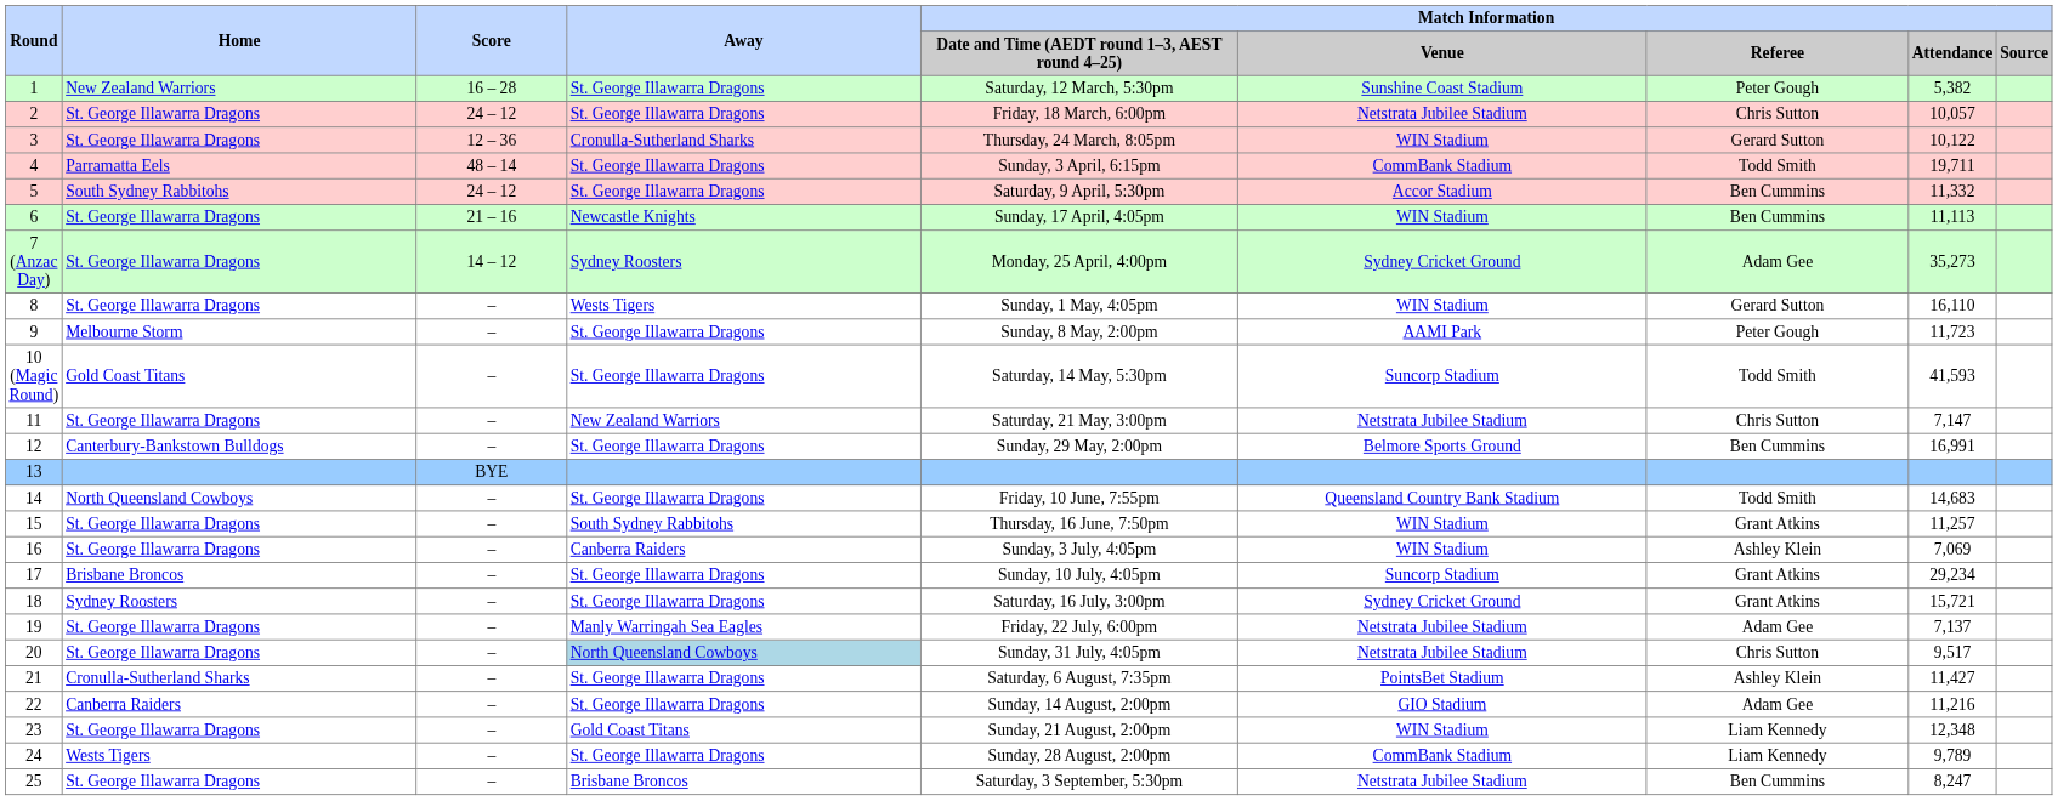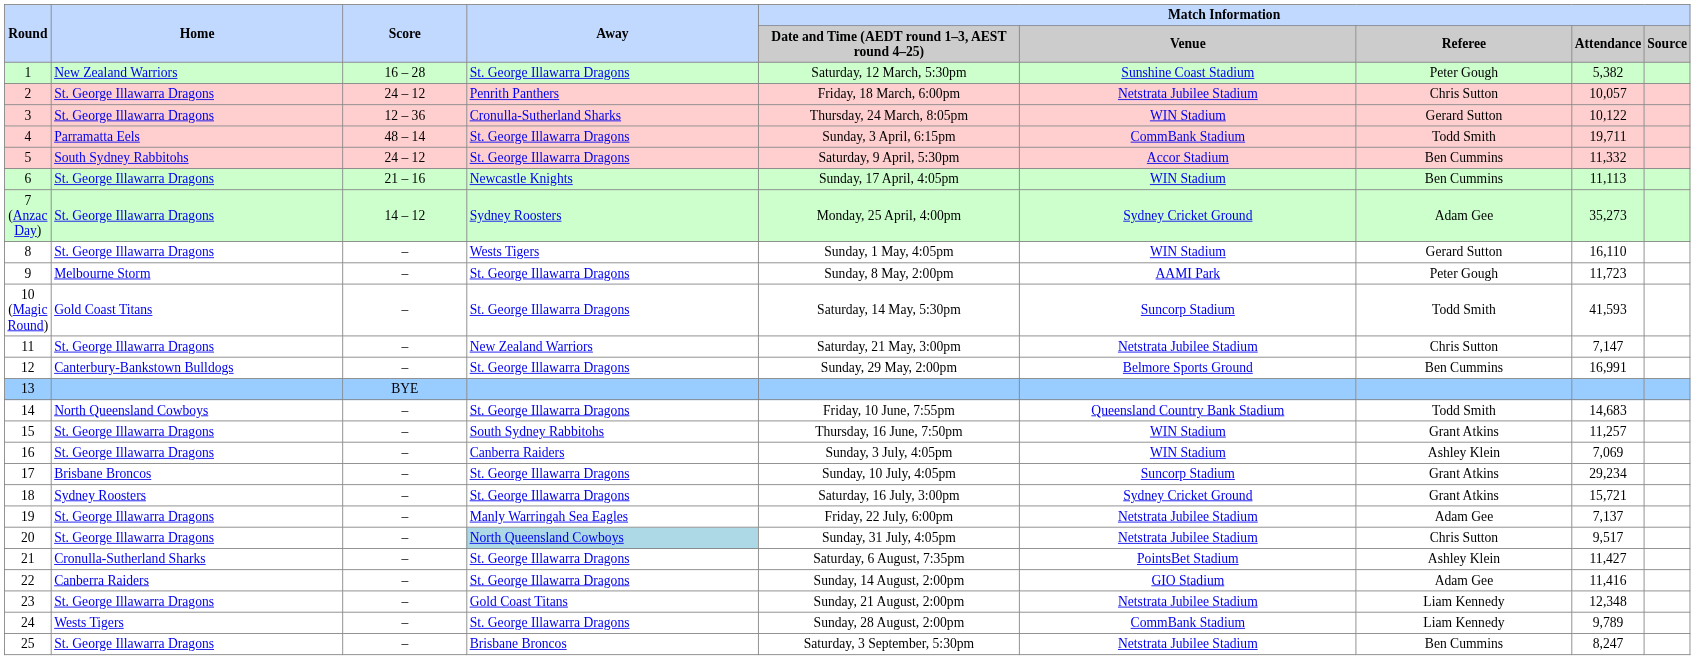 <table border="1" cellpadding="3" cellspacing="0" width="100%" style="border-collapse:collapse; text-align:center;">
 <tr bgcolor=#C1D8FF>
 <th rowspan="2" width="1%">Round</th>
 <th rowspan="2" width="19%">Home</th>
 <th rowspan="2" width="8%">Score</th>
 <th rowspan="2" width="19%">Away</th>
 <th colspan="6">Match Information</th>
 </tr>
 <tr bgcolor="#CCCCCC">
 <th width="17%">Date and Time (AEDT round 1–3, AEST round 4–25)</th>
 <th width="22%">Venue</th>
 <th width="50%">Referee</th>
 <th width="7%">Attendance</th>
 <td><strong>Source</strong></td>
 </tr>
 <tr style="text-align:center; background:#cfc">
 <td>1</td>
 <td align="left"> <a href='#'>New Zealand Warriors</a></td>
 <td>16 – 28</td>
 <td align="left"> <a href='#'>St. George Illawarra Dragons</a></td>
 <td>Saturday, 12 March, 5:30pm</td>
 <td><a href='#'>Sunshine Coast Stadium</a></td>
 <td>Peter Gough</td>
 <td>5,382</td>
 <td></td>
 </tr>
 <tr style="text-align:center;background:#FFCFCF">
 <td>2</td>
 <td align="left"> <a href='#'>St. George Illawarra Dragons</a></td>
 <td>24 – 12</td>
-<td align="left"> <a href='#'>St. George Illawarra Dragons</a></td>
+<td align="left"> <a href='#'>Penrith Panthers</a></td>
 <td>Friday, 18 March, 6:00pm</td>
 <td><a href='#'>Netstrata Jubilee Stadium</a></td>
 <td>Chris Sutton</td>
 <td>10,057</td>
 <td></td>
 </tr>
 <tr style="text-align:center;background:#FFCFCF">
 <td>3</td>
 <td align="left"> <a href='#'>St. George Illawarra Dragons</a></td>
 <td>12 – 36</td>
 <td align="left"> <a href='#'>Cronulla-Sutherland Sharks</a></td>
 <td>Thursday, 24 March, 8:05pm</td>
 <td><a href='#'>WIN Stadium</a></td>
 <td>Gerard Sutton</td>
 <td>10,122</td>
 <td></td>
 </tr>
 <tr style="text-align:center;background:#FFCFCF">
 <td>4</td>
 <td align="left"> <a href='#'>Parramatta Eels</a></td>
 <td>48 – 14</td>
 <td align="left"> <a href='#'>St. George Illawarra Dragons</a></td>
 <td>Sunday, 3 April, 6:15pm</td>
 <td><a href='#'>CommBank Stadium</a></td>
 <td>Todd Smith</td>
 <td>19,711</td>
 <td></td>
 </tr>
 <tr style="text-align:center;background:#FFCFCF">
 <td>5</td>
 <td align="left"> <a href='#'>South Sydney Rabbitohs</a></td>
 <td>24 – 12</td>
 <td align="left"> <a href='#'>St. George Illawarra Dragons</a></td>
 <td>Saturday, 9 April, 5:30pm</td>
 <td><a href='#'>Accor Stadium</a></td>
 <td>Ben Cummins</td>
 <td>11,332</td>
 <td></td>
 </tr>
 <tr style="text-align:center;background:#cfc">
 <td>6</td>
 <td align="left"> <a href='#'>St. George Illawarra Dragons</a></td>
 <td>21 – 16</td>
 <td align="left"> <a href='#'>Newcastle Knights</a></td>
 <td>Sunday, 17 April, 4:05pm</td>
 <td><a href='#'>WIN Stadium</a></td>
 <td>Ben Cummins</td>
 <td>11,113</td>
 <td></td>
 </tr>
 <tr style="text-align:center;background:#cfc">
 <td>7<br>(<a href='#'>Anzac Day</a>)</td>
 <td align="left"> <a href='#'>St. George Illawarra Dragons</a></td>
 <td>14 – 12</td>
 <td align="left"> <a href='#'>Sydney Roosters</a></td>
 <td>Monday, 25 April, 4:00pm</td>
 <td><a href='#'>Sydney Cricket Ground</a></td>
 <td>Adam Gee</td>
 <td>35,273</td>
 <td></td>
 </tr>
 <tr style="text-align:center;">
 <td>8</td>
 <td align="left"> <a href='#'>St. George Illawarra Dragons</a></td>
 <td>–</td>
 <td align="left"> <a href='#'>Wests Tigers</a></td>
 <td>Sunday, 1 May, 4:05pm</td>
 <td><a href='#'>WIN Stadium</a></td>
 <td>Gerard Sutton</td>
 <td>16,110</td>
 <td></td>
 </tr>
 <tr style="text-align:center;">
 <td>9</td>
 <td align="left"> <a href='#'>Melbourne Storm</a></td>
 <td>–</td>
 <td align="left"> <a href='#'>St. George Illawarra Dragons</a></td>
 <td>Sunday, 8 May, 2:00pm</td>
 <td><a href='#'>AAMI Park</a></td>
 <td>Peter Gough</td>
 <td>11,723</td>
 <td></td>
 </tr>
 <tr style="text-align:center;">
 <td>10<br>(<a href='#'>Magic Round</a>)</td>
 <td align="left"> <a href='#'>Gold Coast Titans</a></td>
 <td>–</td>
 <td align="left"> <a href='#'>St. George Illawarra Dragons</a></td>
 <td>Saturday, 14 May, 5:30pm</td>
 <td><a href='#'>Suncorp Stadium</a></td>
 <td>Todd Smith</td>
 <td>41,593</td>
 <td></td>
 </tr>
 <tr style="text-align:center;">
 <td>11</td>
 <td align="left"> <a href='#'>St. George Illawarra Dragons</a></td>
 <td>–</td>
 <td align="left"> <a href='#'>New Zealand Warriors</a></td>
 <td>Saturday, 21 May, 3:00pm</td>
 <td><a href='#'>Netstrata Jubilee Stadium</a></td>
 <td>Chris Sutton</td>
 <td>7,147</td>
 <td></td>
 </tr>
 <tr style="text-align:center;">
 <td>12</td>
 <td align="left"> <a href='#'>Canterbury-Bankstown Bulldogs</a></td>
 <td>–</td>
 <td align="left"> <a href='#'>St. George Illawarra Dragons</a></td>
 <td>Sunday, 29 May, 2:00pm</td>
 <td><a href='#'>Belmore Sports Ground</a></td>
 <td>Ben Cummins</td>
 <td>16,991</td>
 <td></td>
 </tr>
 <tr style="text-align:center; background:#99ccff;">
 <td>13</td>
 <td align="left"></td>
 <td>BYE</td>
 <td align="left"></td>
 <td></td>
 <td></td>
 <td></td>
 <td></td>
 <td></td>
 </tr>
 <tr style="text-align:center;">
 <td>14</td>
 <td align="left"> <a href='#'>North Queensland Cowboys</a></td>
 <td>–</td>
 <td align="left"> <a href='#'>St. George Illawarra Dragons</a></td>
 <td>Friday, 10 June, 7:55pm</td>
 <td><a href='#'>Queensland Country Bank Stadium</a></td>
 <td>Todd Smith</td>
 <td>14,683</td>
 <td></td>
 </tr>
 <tr style="text-align:center;">
 <td>15</td>
 <td align="left"> <a href='#'>St. George Illawarra Dragons</a></td>
 <td>–</td>
 <td align="left"> <a href='#'>South Sydney Rabbitohs</a></td>
 <td>Thursday, 16 June, 7:50pm</td>
 <td><a href='#'>WIN Stadium</a></td>
 <td>Grant Atkins</td>
 <td>11,257</td>
 <td></td>
 </tr>
 <tr style="text-align:center;">
 <td>16</td>
 <td align="left"> <a href='#'>St. George Illawarra Dragons</a></td>
 <td>–</td>
 <td align="left"> <a href='#'>Canberra Raiders</a></td>
 <td>Sunday, 3 July, 4:05pm</td>
 <td><a href='#'>WIN Stadium</a></td>
 <td>Ashley Klein</td>
 <td>7,069</td>
 <td></td>
 </tr>
 <tr style="text-align:center;">
 <td>17</td>
 <td align="left"> <a href='#'>Brisbane Broncos</a></td>
 <td>–</td>
 <td align="left"> <a href='#'>St. George Illawarra Dragons</a></td>
 <td>Sunday, 10 July, 4:05pm</td>
 <td><a href='#'>Suncorp Stadium</a></td>
 <td>Grant Atkins</td>
 <td>29,234</td>
 <td></td>
 </tr>
 <tr style="text-align:center;">
 <td>18</td>
 <td align="left"> <a href='#'>Sydney Roosters</a></td>
 <td>–</td>
 <td align="left"> <a href='#'>St. George Illawarra Dragons</a></td>
 <td>Saturday, 16 July, 3:00pm</td>
 <td><a href='#'>Sydney Cricket Ground</a></td>
 <td>Grant Atkins</td>
 <td>15,721</td>
 <td></td>
 </tr>
 <tr style="text-align:center;">
 <td>19</td>
 <td align="left"> <a href='#'>St. George Illawarra Dragons</a></td>
 <td>–</td>
 <td align="left"> <a href='#'>Manly Warringah Sea Eagles</a></td>
 <td>Friday, 22 July, 6:00pm</td>
 <td><a href='#'>Netstrata Jubilee Stadium</a></td>
 <td>Adam Gee</td>
 <td>7,137</td>
 <td></td>
 </tr>
 <tr style="text-align:center;">
 <td>20</td>
 <td align="left"> <a href='#'>St. George Illawarra Dragons</a></td>
 <td>–</td>
 <td align="left" style="background: lightblue;"> <a href='#'>North Queensland Cowboys</a></td>
 <td>Sunday, 31 July, 4:05pm</td>
 <td><a href='#'>Netstrata Jubilee Stadium</a></td>
 <td>Chris Sutton</td>
 <td>9,517</td>
 <td></td>
 </tr>
 <tr style="text-align:center;">
 <td>21</td>
 <td align="left"> <a href='#'>Cronulla-Sutherland Sharks</a></td>
 <td>–</td>
 <td align="left"> <a href='#'>St. George Illawarra Dragons</a></td>
 <td>Saturday, 6 August, 7:35pm</td>
 <td><a href='#'>PointsBet Stadium</a></td>
 <td>Ashley Klein</td>
 <td>11,427</td>
 <td></td>
 </tr>
 <tr style="text-align:center;">
 <td>22</td>
 <td align="left"> <a href='#'>Canberra Raiders</a></td>
 <td>–</td>
 <td align="left"> <a href='#'>St. George Illawarra Dragons</a></td>
 <td>Sunday, 14 August, 2:00pm</td>
 <td><a href='#'>GIO Stadium</a></td>
 <td>Adam Gee</td>
-<td>11,216</td>
+<td>11,416</td>
 <td></td>
 </tr>
 <tr style="text-align:center;">
 <td>23</td>
 <td align="left"> <a href='#'>St. George Illawarra Dragons</a></td>
 <td>–</td>
 <td align="left"> <a href='#'>Gold Coast Titans</a></td>
 <td>Sunday, 21 August, 2:00pm</td>
-<td><a href='#'>WIN Stadium</a></td>
+<td><a href='#'>Netstrata Jubilee Stadium</a></td>
 <td>Liam Kennedy</td>
 <td>12,348</td>
 <td></td>
 </tr>
 <tr style="text-align:center;">
 <td>24</td>
 <td align="left"> <a href='#'>Wests Tigers</a></td>
 <td>–</td>
 <td align="left"> <a href='#'>St. George Illawarra Dragons</a></td>
 <td>Sunday, 28 August, 2:00pm</td>
 <td><a href='#'>CommBank Stadium</a></td>
 <td>Liam Kennedy</td>
 <td>9,789</td>
 <td></td>
 </tr>
 <tr style="text-align:center;">
 <td>25</td>
 <td align="left"> <a href='#'>St. George Illawarra Dragons</a></td>
 <td>–</td>
 <td align="left"> <a href='#'>Brisbane Broncos</a></td>
 <td>Saturday, 3 September, 5:30pm</td>
 <td><a href='#'>Netstrata Jubilee Stadium</a></td>
 <td>Ben Cummins</td>
 <td>8,247</td>
 <td></td>
 </tr>
 </table>
